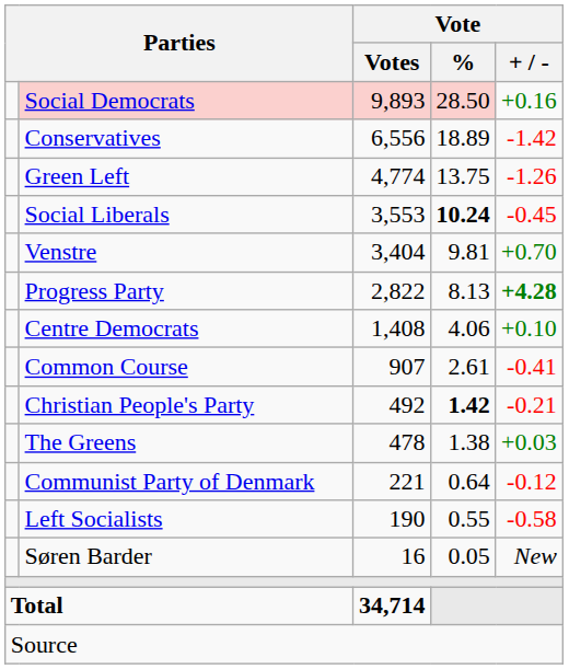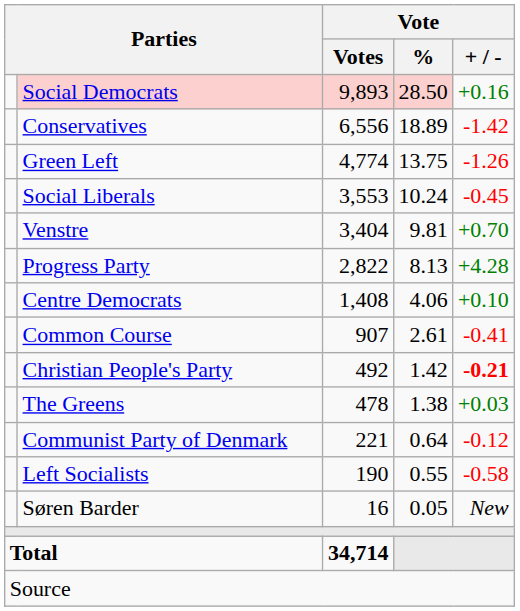 <table class="wikitable" style="text-align:right;">
 <tr>
 <th style="text-align:centre;" rowspan="2" colspan="2" width="225">Parties</th>
 <th colspan="3">Vote</th>
 </tr>
 <tr>
 <th width="15">Votes</th>
 <th width="15">%</th>
 <th width="15">+ / -</th>
 </tr>
 <tr>
 <td width="2" style="color:inherit;background:"></td>
 <td bgcolor=#fbd0ce  align="left"><a href='#'>Social Democrats</a></td>
 <td bgcolor=#fbd0ce>9,893</td>
 <td bgcolor=#fbd0ce>28.50</td>
 <td style=color:green;>+0.16</td>
 </tr>
 <tr>
 <td width="2" style="color:inherit;background:"></td>
 <td align="left"><a href='#'>Conservatives</a></td>
 <td>6,556</td>
 <td>18.89</td>
 <td style=color:red;>-1.42</td>
 </tr>
 <tr>
 <td width="2" style="color:inherit;background:"></td>
 <td align="left"><a href='#'>Green Left</a></td>
 <td>4,774</td>
 <td>13.75</td>
 <td style=color:red;>-1.26</td>
 </tr>
 <tr>
 <td width="2" style="color:inherit;background:"></td>
 <td align="left"><a href='#'>Social Liberals</a></td>
 <td>3,553</td>
-<td><strong>10.24</strong></td>
+<td>10.24</td>
 <td style=color:red;>-0.45</td>
 </tr>
 <tr>
 <td width="2" style="color:inherit;background:"></td>
 <td align="left"><a href='#'>Venstre</a></td>
 <td>3,404</td>
 <td>9.81</td>
 <td style=color:green;>+0.70</td>
 </tr>
 <tr>
 <td width="2" style="color:inherit;background:"></td>
 <td align="left"><a href='#'>Progress Party</a></td>
 <td>2,822</td>
 <td>8.13</td>
-<td style=color:green;><strong>+4.28</strong></td>
+<td style=color:green;>+4.28</td>
 </tr>
 <tr>
 <td width="2" style="color:inherit;background:"></td>
 <td align="left"><a href='#'>Centre Democrats</a></td>
 <td>1,408</td>
 <td>4.06</td>
 <td style=color:green;>+0.10</td>
 </tr>
 <tr>
 <td width="2" style="color:inherit;background:"></td>
 <td align="left"><a href='#'>Common Course</a></td>
 <td>907</td>
 <td>2.61</td>
 <td style=color:red;>-0.41</td>
 </tr>
 <tr>
 <td width="2" style="color:inherit;background:"></td>
 <td align="left"><a href='#'>Christian People's Party</a></td>
 <td>492</td>
-<td><strong>1.42</strong></td>
-<td style=color:red;>-0.21</td>
+<td>1.42</td>
+<td style=color:red;><strong>-0.21</strong></td>
 </tr>
 <tr>
 <td width="2" style="color:inherit;background:"></td>
 <td align="left"><a href='#'>The Greens</a></td>
 <td>478</td>
 <td>1.38</td>
 <td style=color:green;>+0.03</td>
 </tr>
 <tr>
 <td width="2" style="color:inherit;background:"></td>
 <td align="left"><a href='#'>Communist Party of Denmark</a></td>
 <td>221</td>
 <td>0.64</td>
 <td style=color:red;>-0.12</td>
 </tr>
 <tr>
 <td width="2" style="color:inherit;background:"></td>
 <td align="left"><a href='#'>Left Socialists</a></td>
 <td>190</td>
 <td>0.55</td>
 <td style=color:red;>-0.58</td>
 </tr>
 <tr>
 <td width="2" style="color:inherit;background:"></td>
 <td align="left">Søren Barder</td>
 <td>16</td>
 <td>0.05</td>
 <td><em>New</em></td>
 </tr>
 <tr>
 <td colspan="7" bgcolor="#E9E9E9"></td>
 </tr>
 <tr>
 <td align="left" colspan="2"><strong>Total</strong></td>
 <td><strong>34,714</strong></td>
 <td bgcolor="#E9E9E9" colspan="2"></td>
 </tr>
 <tr>
 <td align="left" colspan="6">Source</td>
 </tr>
 </table>
